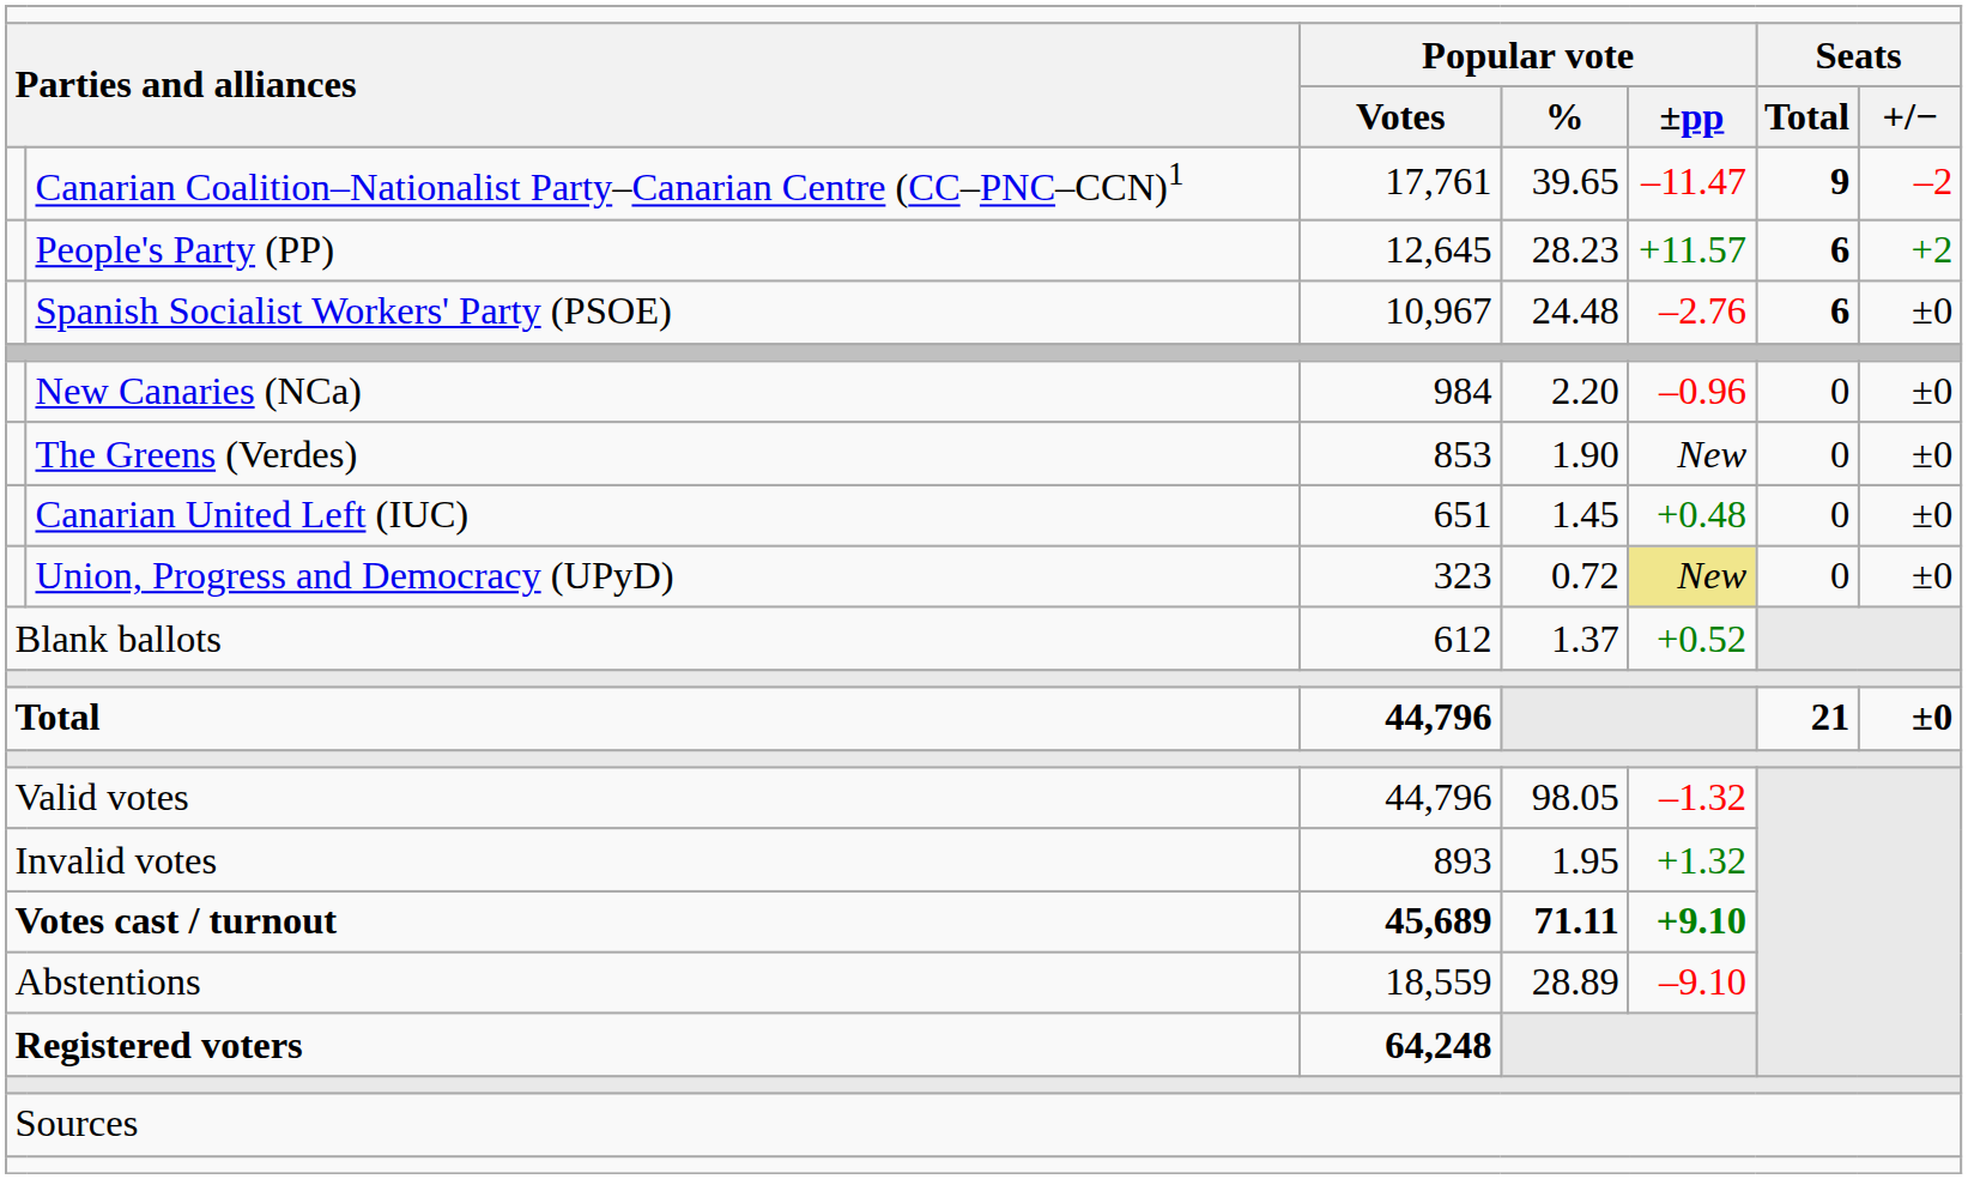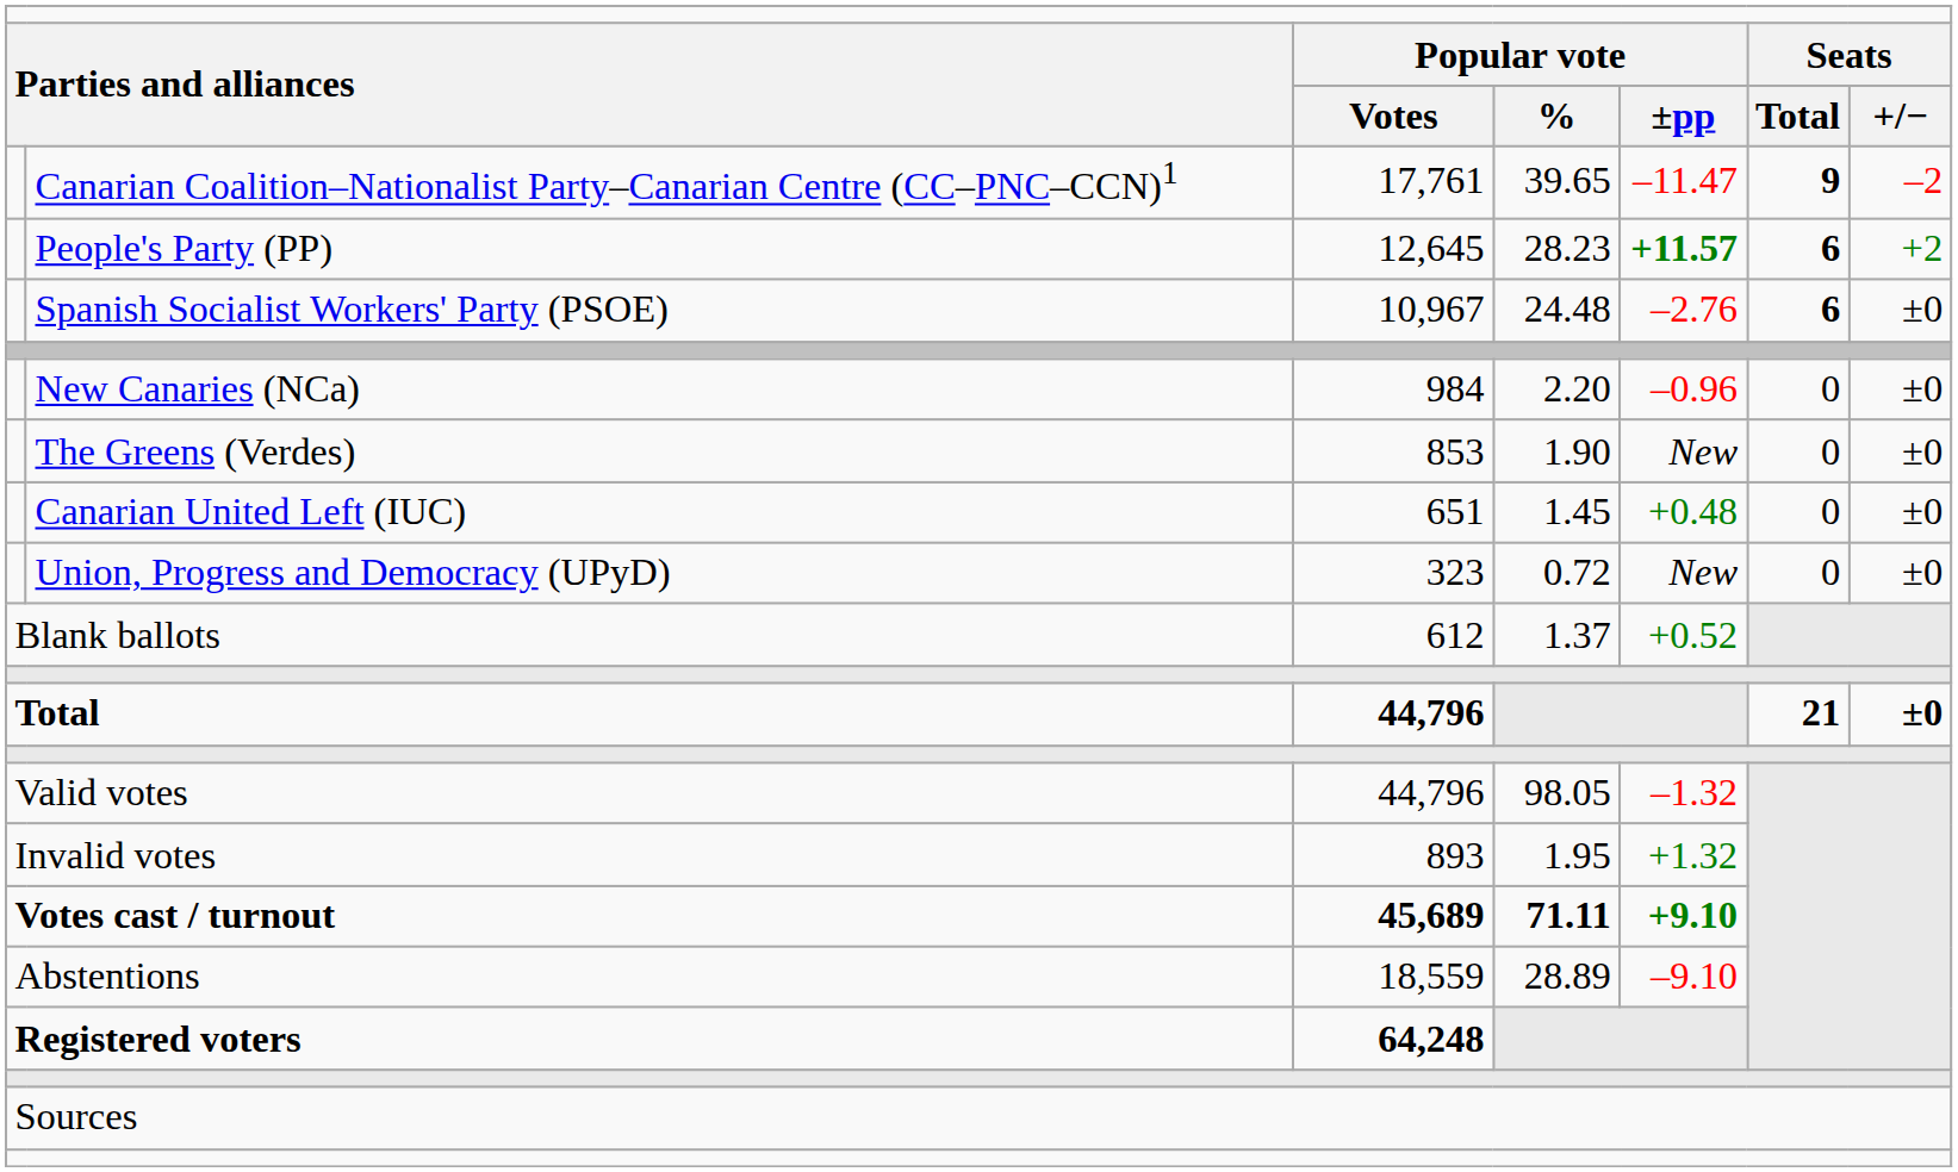 <table class="wikitable" style="text-align:right;">
 <tr>
 <td colspan="7"></td>
 </tr>
 <tr>
 <th style="text-align:left;" rowspan="2" colspan="2" width="525">Parties and alliances</th>
 <th colspan="3">Popular vote</th>
 <th colspan="2">Seats</th>
 </tr>
 <tr>
 <th width="75">Votes</th>
 <th width="45">%</th>
 <th width="45">±<a href='#'>pp</a></th>
 <th width="35">Total</th>
 <th width="35">+/−</th>
 </tr>
 <tr>
 <td width="1" style="color:inherit;background:"></td>
 <td align="left"><a href='#'>Canarian Coalition–Nationalist Party</a>–<a href='#'>Canarian Centre</a> (<a href='#'>CC</a>–<a href='#'>PNC</a>–CCN)<sup>1</sup></td>
 <td>17,761</td>
 <td>39.65</td>
 <td style="color:red;">–11.47</td>
 <td><strong>9</strong></td>
 <td style="color:red;">–2</td>
 </tr>
 <tr>
 <td style="color:inherit;background:"></td>
 <td align="left"><a href='#'>People's Party</a> (PP)</td>
 <td>12,645</td>
 <td>28.23</td>
-<td style="color:green;">+11.57</td>
+<td style="color:green;"><strong>+11.57</strong></td>
 <td><strong>6</strong></td>
 <td style="color:green;">+2</td>
 </tr>
 <tr>
 <td style="color:inherit;background:"></td>
 <td align="left"><a href='#'>Spanish Socialist Workers' Party</a> (PSOE)</td>
 <td>10,967</td>
 <td>24.48</td>
 <td style="color:red;">–2.76</td>
 <td><strong>6</strong></td>
 <td>±0</td>
 </tr>
 <tr>
 <td colspan="7" bgcolor="#C0C0C0"></td>
 </tr>
 <tr>
 <td style="color:inherit;background:"></td>
 <td align="left"><a href='#'>New Canaries</a> (NCa)</td>
 <td>984</td>
 <td>2.20</td>
 <td style="color:red;">–0.96</td>
 <td>0</td>
 <td>±0</td>
 </tr>
 <tr>
 <td style="color:inherit;background:"></td>
 <td align="left"><a href='#'>The Greens</a> (Verdes)</td>
 <td>853</td>
 <td>1.90</td>
 <td><em>New</em></td>
 <td>0</td>
 <td>±0</td>
 </tr>
 <tr>
 <td style="color:inherit;background:"></td>
 <td align="left"><a href='#'>Canarian United Left</a> (IUC)</td>
 <td>651</td>
 <td>1.45</td>
 <td style="color:green;">+0.48</td>
 <td>0</td>
 <td>±0</td>
 </tr>
 <tr>
 <td style="color:inherit;background:"></td>
 <td align="left"><a href='#'>Union, Progress and Democracy</a> (UPyD)</td>
 <td>323</td>
 <td>0.72</td>
-<td style="background: khaki;"><em>New</em></td>
+<td><em>New</em></td>
 <td>0</td>
 <td>±0</td>
 </tr>
 <tr>
 <td align="left" colspan="2">Blank ballots</td>
 <td>612</td>
 <td>1.37</td>
 <td style="color:green;">+0.52</td>
 <td bgcolor="#E9E9E9" colspan="2"></td>
 </tr>
 <tr>
 <td colspan="7" bgcolor="#E9E9E9"></td>
 </tr>
 <tr style="font-weight:bold;">
 <td align="left" colspan="2">Total</td>
 <td>44,796</td>
 <td bgcolor="#E9E9E9" colspan="2"></td>
 <td>21</td>
 <td>±0</td>
 </tr>
 <tr>
 <td colspan="7" bgcolor="#E9E9E9"></td>
 </tr>
 <tr>
 <td align="left" colspan="2">Valid votes</td>
 <td>44,796</td>
 <td>98.05</td>
 <td style="color:red;">–1.32</td>
 <td bgcolor="#E9E9E9" colspan="2" rowspan="5"></td>
 </tr>
 <tr>
 <td align="left" colspan="2">Invalid votes</td>
 <td>893</td>
 <td>1.95</td>
 <td style="color:green;">+1.32</td>
 </tr>
 <tr style="font-weight:bold;">
 <td align="left" colspan="2">Votes cast / turnout</td>
 <td>45,689</td>
 <td>71.11</td>
 <td style="color:green;">+9.10</td>
 </tr>
 <tr>
 <td align="left" colspan="2">Abstentions</td>
 <td>18,559</td>
 <td>28.89</td>
 <td style="color:red;">–9.10</td>
 </tr>
 <tr style="font-weight:bold;">
 <td align="left" colspan="2">Registered voters</td>
 <td>64,248</td>
 <td bgcolor="#E9E9E9" colspan="2"></td>
 </tr>
 <tr>
 <td colspan="7" bgcolor="#E9E9E9"></td>
 </tr>
 <tr>
 <td align="left" colspan="7">Sources</td>
 </tr>
 <tr>
 <td colspan="7" style="text-align:left; max-width:790px;"></td>
 </tr>
 </table>
